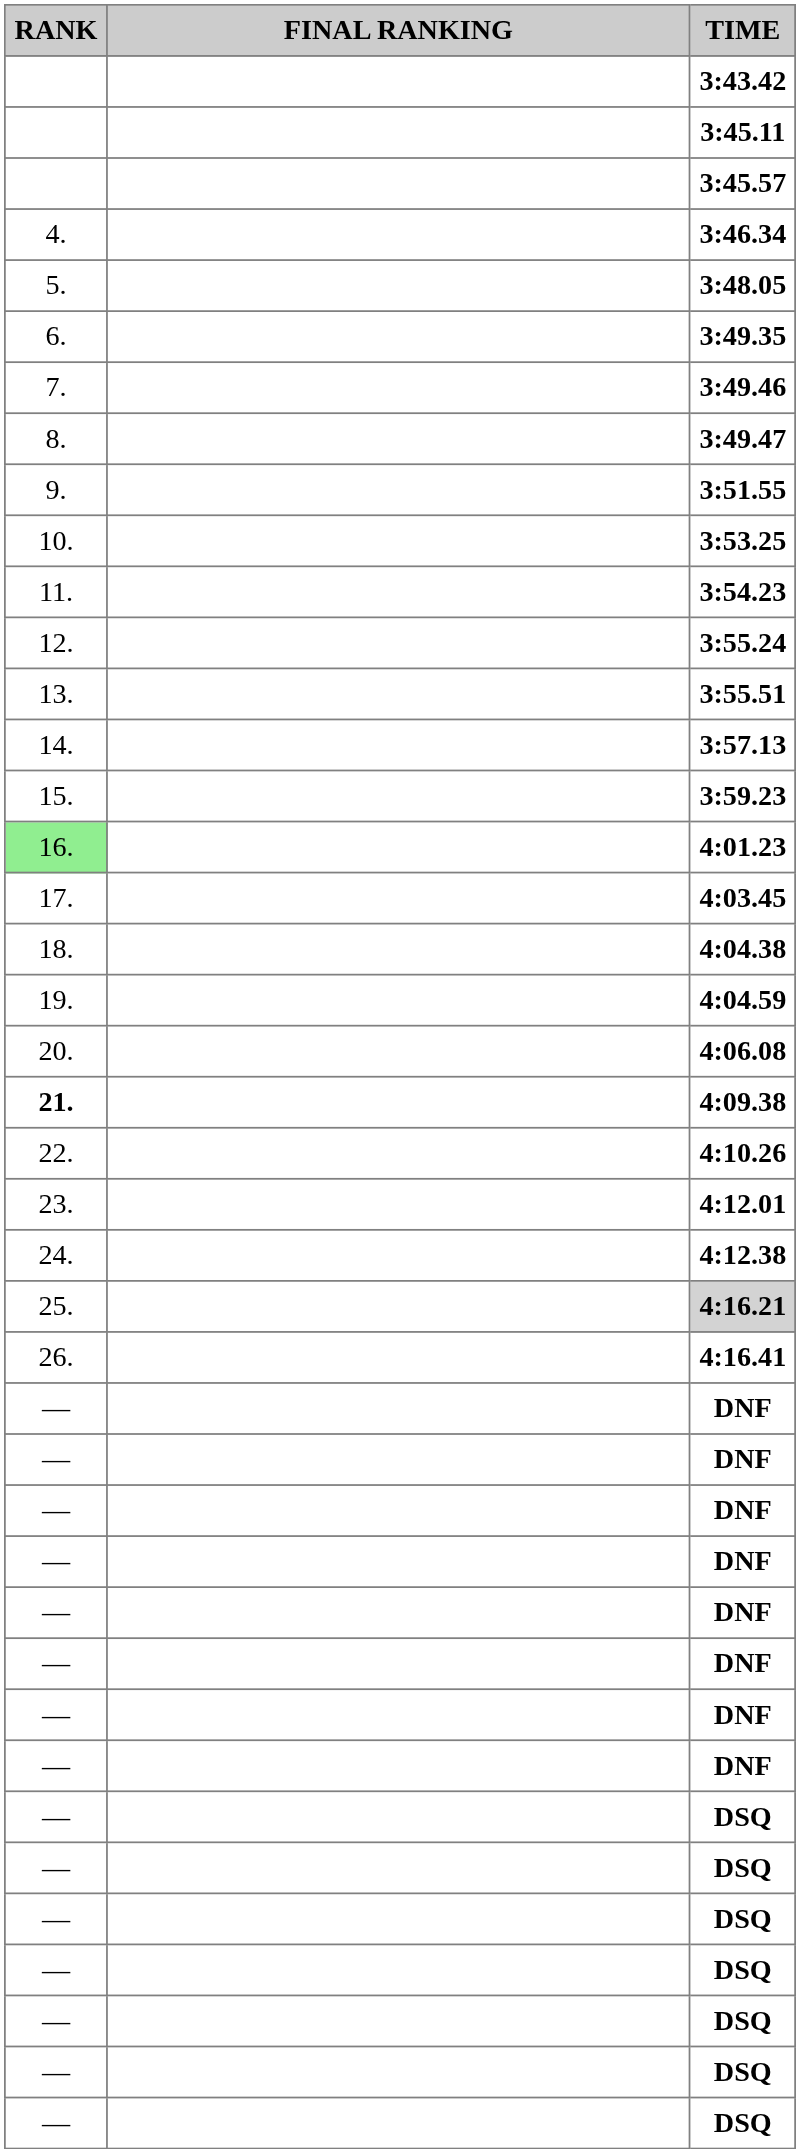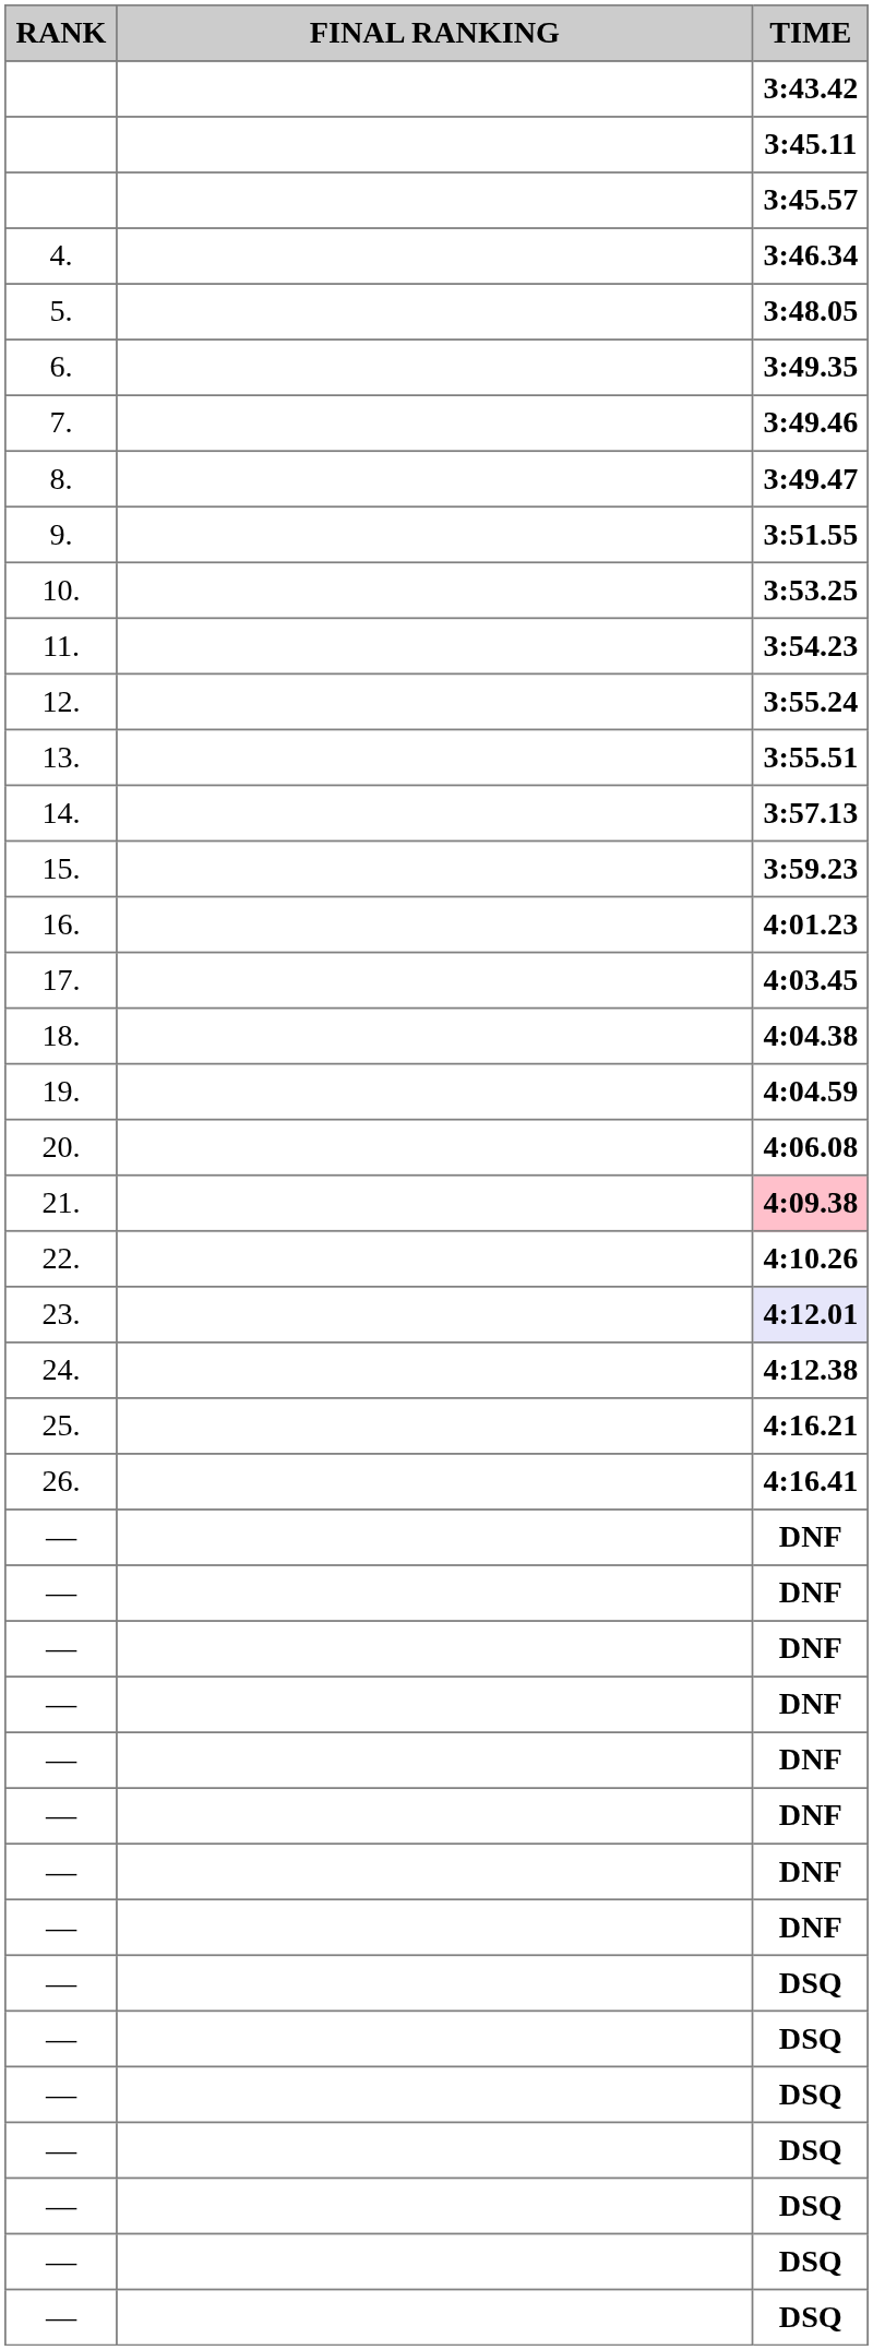 <table border="1" cellspacing="2" cellpadding="5" style="border-collapse: collapse">
 <tr bgcolor="cccccc">
 <th>RANK</th>
 <th align="center" style="width: 20em">FINAL RANKING</th>
 <th>TIME</th>
 </tr>
 <tr>
 <td align="center"></td>
 <td></td>
 <td align="center"><strong>3:43.42</strong></td>
 </tr>
 <tr>
 <td align="center"></td>
 <td></td>
 <td align="center"><strong>3:45.11</strong></td>
 </tr>
 <tr>
 <td align="center"></td>
 <td></td>
 <td align="center"><strong>3:45.57</strong></td>
 </tr>
 <tr>
 <td align="center">4.</td>
 <td></td>
 <td align="center"><strong>3:46.34</strong></td>
 </tr>
 <tr>
 <td align="center">5.</td>
 <td></td>
 <td align="center"><strong>3:48.05</strong></td>
 </tr>
 <tr>
 <td align="center">6.</td>
 <td></td>
 <td align="center"><strong>3:49.35</strong></td>
 </tr>
 <tr>
 <td align="center">7.</td>
 <td></td>
 <td align="center"><strong>3:49.46</strong></td>
 </tr>
 <tr>
 <td align="center">8.</td>
 <td></td>
 <td align="center"><strong>3:49.47</strong></td>
 </tr>
 <tr>
 <td align="center">9.</td>
 <td></td>
 <td align="center"><strong>3:51.55</strong></td>
 </tr>
 <tr>
 <td align="center">10.</td>
 <td></td>
 <td align="center"><strong>3:53.25</strong></td>
 </tr>
 <tr>
 <td align="center">11.</td>
 <td></td>
 <td align="center"><strong>3:54.23</strong></td>
 </tr>
 <tr>
 <td align="center">12.</td>
 <td></td>
 <td align="center"><strong>3:55.24</strong></td>
 </tr>
 <tr>
 <td align="center">13.</td>
 <td></td>
 <td align="center"><strong>3:55.51</strong></td>
 </tr>
 <tr>
 <td align="center">14.</td>
 <td></td>
 <td align="center"><strong>3:57.13</strong></td>
 </tr>
 <tr>
 <td align="center">15.</td>
 <td></td>
 <td align="center"><strong>3:59.23</strong></td>
 </tr>
 <tr>
-<td align="center" style="background: lightgreen;">16.</td>
+<td align="center">16.</td>
 <td></td>
 <td align="center"><strong>4:01.23</strong></td>
 </tr>
 <tr>
 <td align="center">17.</td>
 <td></td>
 <td align="center"><strong>4:03.45</strong></td>
 </tr>
 <tr>
 <td align="center">18.</td>
 <td></td>
 <td align="center"><strong>4:04.38</strong></td>
 </tr>
 <tr>
 <td align="center">19.</td>
 <td></td>
 <td align="center"><strong>4:04.59</strong></td>
 </tr>
 <tr>
 <td align="center">20.</td>
 <td></td>
 <td align="center"><strong>4:06.08</strong></td>
 </tr>
 <tr>
-<td align="center"><strong>21.</strong></td>
+<td align="center">21.</td>
 <td></td>
-<td align="center"><strong>4:09.38</strong></td>
+<td align="center" style="background: pink;"><strong>4:09.38</strong></td>
 </tr>
 <tr>
 <td align="center">22.</td>
 <td></td>
 <td align="center"><strong>4:10.26</strong></td>
 </tr>
 <tr>
 <td align="center">23.</td>
 <td></td>
-<td align="center"><strong>4:12.01</strong></td>
+<td align="center" style="background: lavender;"><strong>4:12.01</strong></td>
 </tr>
 <tr>
 <td align="center">24.</td>
 <td></td>
 <td align="center"><strong>4:12.38</strong></td>
 </tr>
 <tr>
 <td align="center">25.</td>
 <td></td>
-<td align="center" style="background: lightgrey;"><strong>4:16.21</strong></td>
+<td align="center"><strong>4:16.21</strong></td>
 </tr>
 <tr>
 <td align="center">26.</td>
 <td></td>
 <td align="center"><strong>4:16.41</strong></td>
 </tr>
 <tr>
 <td align="center">—</td>
 <td></td>
 <td align="center"><strong>DNF</strong></td>
 </tr>
 <tr>
 <td align="center">—</td>
 <td></td>
 <td align="center"><strong>DNF</strong></td>
 </tr>
 <tr>
 <td align="center">—</td>
 <td></td>
 <td align="center"><strong>DNF</strong></td>
 </tr>
 <tr>
 <td align="center">—</td>
 <td></td>
 <td align="center"><strong>DNF</strong></td>
 </tr>
 <tr>
 <td align="center">—</td>
 <td></td>
 <td align="center"><strong>DNF</strong></td>
 </tr>
 <tr>
 <td align="center">—</td>
 <td></td>
 <td align="center"><strong>DNF</strong></td>
 </tr>
 <tr>
 <td align="center">—</td>
 <td></td>
 <td align="center"><strong>DNF</strong></td>
 </tr>
 <tr>
 <td align="center">—</td>
 <td></td>
 <td align="center"><strong>DNF</strong></td>
 </tr>
 <tr>
 <td align="center">—</td>
 <td></td>
 <td align="center"><strong>DSQ</strong></td>
 </tr>
 <tr>
 <td align="center">—</td>
 <td></td>
 <td align="center"><strong>DSQ</strong></td>
 </tr>
 <tr>
 <td align="center">—</td>
 <td></td>
 <td align="center"><strong>DSQ</strong></td>
 </tr>
 <tr>
 <td align="center">—</td>
 <td></td>
 <td align="center"><strong>DSQ</strong></td>
 </tr>
 <tr>
 <td align="center">—</td>
 <td></td>
 <td align="center"><strong>DSQ</strong></td>
 </tr>
 <tr>
 <td align="center">—</td>
 <td></td>
 <td align="center"><strong>DSQ</strong></td>
 </tr>
 <tr>
 <td align="center">—</td>
 <td></td>
 <td align="center"><strong>DSQ</strong></td>
 </tr>
 </table>
